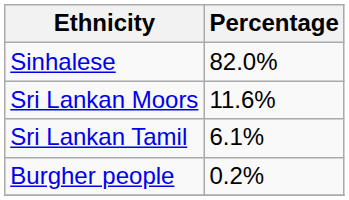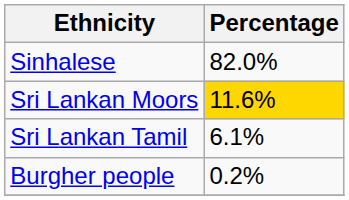 <table class="wikitable sortable">
 <tr>
 <th>Ethnicity</th>
 <th>Percentage</th>
 </tr>
 <tr>
 <td><a href='#'>Sinhalese</a></td>
 <td>82.0%</td>
 </tr>
 <tr>
 <td><a href='#'>Sri Lankan Moors</a></td>
-<td>11.6%</td>
+<td style="background: gold;">11.6%</td>
 </tr>
 <tr>
 <td><a href='#'>Sri Lankan Tamil</a></td>
 <td>6.1%</td>
 </tr>
 <tr>
 <td><a href='#'>Burgher people</a></td>
 <td>0.2%</td>
 </tr>
 <tr>
 </tr>
 </table>
